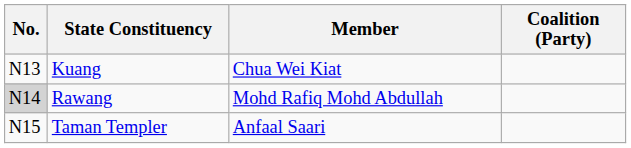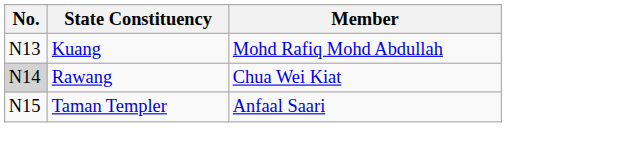 <table class="wikitable">
 <tr>
 <th width="30">No.</th>
 <th width="150">State Constituency</th>
 <th width="230">Member</th>
-<th width="100">Coalition (Party)</th>
 </tr>
 <tr>
 <td>N13</td>
 <td><a href='#'>Kuang</a></td>
-<td><a href='#'>Chua Wei Kiat</a></td>
-<td></td>
+<td><a href='#'>Mohd Rafiq Mohd Abdullah</a></td>
 </tr>
 <tr>
 <td style="background: lightgrey;">N14</td>
 <td><a href='#'>Rawang</a></td>
-<td><a href='#'>Mohd Rafiq Mohd Abdullah</a></td>
-<td></td>
+<td><a href='#'>Chua Wei Kiat</a></td>
 </tr>
 <tr>
 <td>N15</td>
 <td><a href='#'>Taman Templer</a></td>
 <td><a href='#'>Anfaal Saari</a></td>
-<td></td>
 </tr>
 </table>
